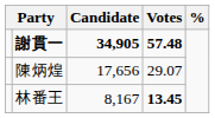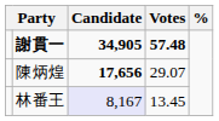 <table class="wikitable">
 <tr>
 <th colspan="2">Party</th>
 <th>Candidate</th>
 <th>Votes</th>
 <th>%</th>
 </tr>
 <tr>
 <td></td>
 <td><strong>謝貫一</strong></td>
 <td align="right"><strong>34,905</strong></td>
 <td align="right"><strong>57.48</strong></td>
 </tr>
 <tr>
 <td></td>
 <td>陳炳煌</td>
-<td align="right">17,656</td>
+<td align="right"><strong>17,656</strong></td>
 <td align="right">29.07</td>
 </tr>
 <tr>
 <td></td>
 <td>林番王</td>
-<td align="right">8,167</td>
-<td align="right"><strong>13.45</strong></td>
+<td align="right" style="background: lavender;">8,167</td>
+<td align="right">13.45</td>
 </tr>
 </table>
